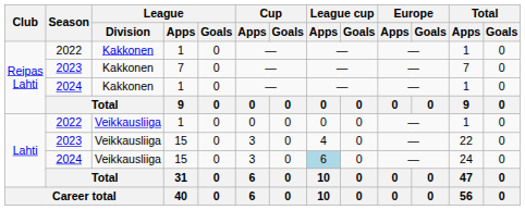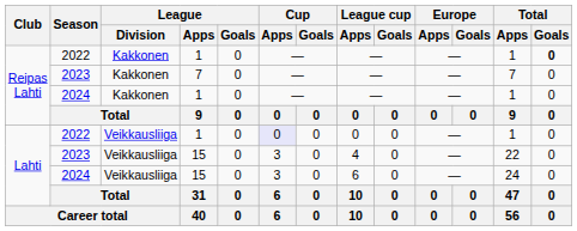 <table class="wikitable" style="text-align:center">
 <tr>
 <th rowspan="2">Club</th>
 <th rowspan="2">Season</th>
 <th colspan="3">League</th>
 <th colspan="2">Cup</th>
 <th colspan="2">League cup</th>
 <th colspan="2">Europe</th>
 <th colspan="2">Total</th>
 </tr>
 <tr>
 <th>Division</th>
 <th>Apps</th>
 <th>Goals</th>
 <th>Apps</th>
 <th>Goals</th>
 <th>Apps</th>
 <th>Goals</th>
 <th>Apps</th>
 <th>Goals</th>
 <th>Apps</th>
 <th>Goals</th>
 </tr>
 <tr>
 <td rowspan="4"><a href='#'>Reipas Lahti</a></td>
 <td>2022</td>
 <td><a href='#'>Kakkonen</a></td>
 <td>1</td>
 <td>0</td>
 <td colspan="2">—</td>
 <td colspan="2">—</td>
 <td colspan="2">—</td>
 <td>1</td>
-<td>0</td>
+<td><strong>0</strong></td>
 </tr>
 <tr>
 <td><a href='#'>2023</a></td>
 <td>Kakkonen</td>
 <td>7</td>
 <td>0</td>
 <td colspan="2">—</td>
 <td colspan="2">—</td>
 <td colspan="2">—</td>
 <td>7</td>
 <td>0</td>
 </tr>
 <tr>
 <td><a href='#'>2024</a></td>
 <td>Kakkonen</td>
 <td>1</td>
 <td>0</td>
 <td colspan="2">—</td>
 <td colspan="2">—</td>
 <td colspan="2">—</td>
 <td>1</td>
 <td>0</td>
 </tr>
 <tr>
 <th colspan="2">Total</th>
 <th>9</th>
 <th>0</th>
 <th>0</th>
 <th>0</th>
 <th>0</th>
 <th>0</th>
 <th>0</th>
 <th>0</th>
 <th>9</th>
 <th>0</th>
 </tr>
 <tr>
 <td rowspan="4"><a href='#'>Lahti</a></td>
 <td><a href='#'>2022</a></td>
 <td><a href='#'>Veikkausliiga</a></td>
 <td>1</td>
 <td>0</td>
-<td>0</td>
+<td style="background: lavender;">0</td>
 <td>0</td>
 <td>0</td>
 <td>0</td>
 <td colspan="2">—</td>
 <td>1</td>
 <td>0</td>
 </tr>
 <tr>
 <td><a href='#'>2023</a></td>
 <td>Veikkausliiga</td>
 <td>15</td>
 <td>0</td>
 <td>3</td>
 <td>0</td>
 <td>4</td>
 <td>0</td>
 <td colspan="2">—</td>
 <td>22</td>
 <td>0</td>
 </tr>
 <tr>
 <td><a href='#'>2024</a></td>
 <td>Veikkausliiga</td>
 <td>15</td>
 <td>0</td>
 <td>3</td>
 <td>0</td>
-<td style="background: lightblue;">6</td>
+<td>6</td>
 <td>0</td>
 <td colspan="2">—</td>
 <td>24</td>
 <td>0</td>
 </tr>
 <tr>
 <th colspan="2">Total</th>
 <th>31</th>
 <th>0</th>
 <th>6</th>
 <th>0</th>
 <th>10</th>
 <th>0</th>
 <th>0</th>
 <th>0</th>
 <th>47</th>
 <th>0</th>
 </tr>
 <tr>
 <th colspan="3">Career total</th>
 <th>40</th>
 <th>0</th>
 <th>6</th>
 <th>0</th>
 <th>10</th>
 <th>0</th>
 <th>0</th>
 <th>0</th>
 <th>56</th>
 <th>0</th>
 </tr>
 </table>
